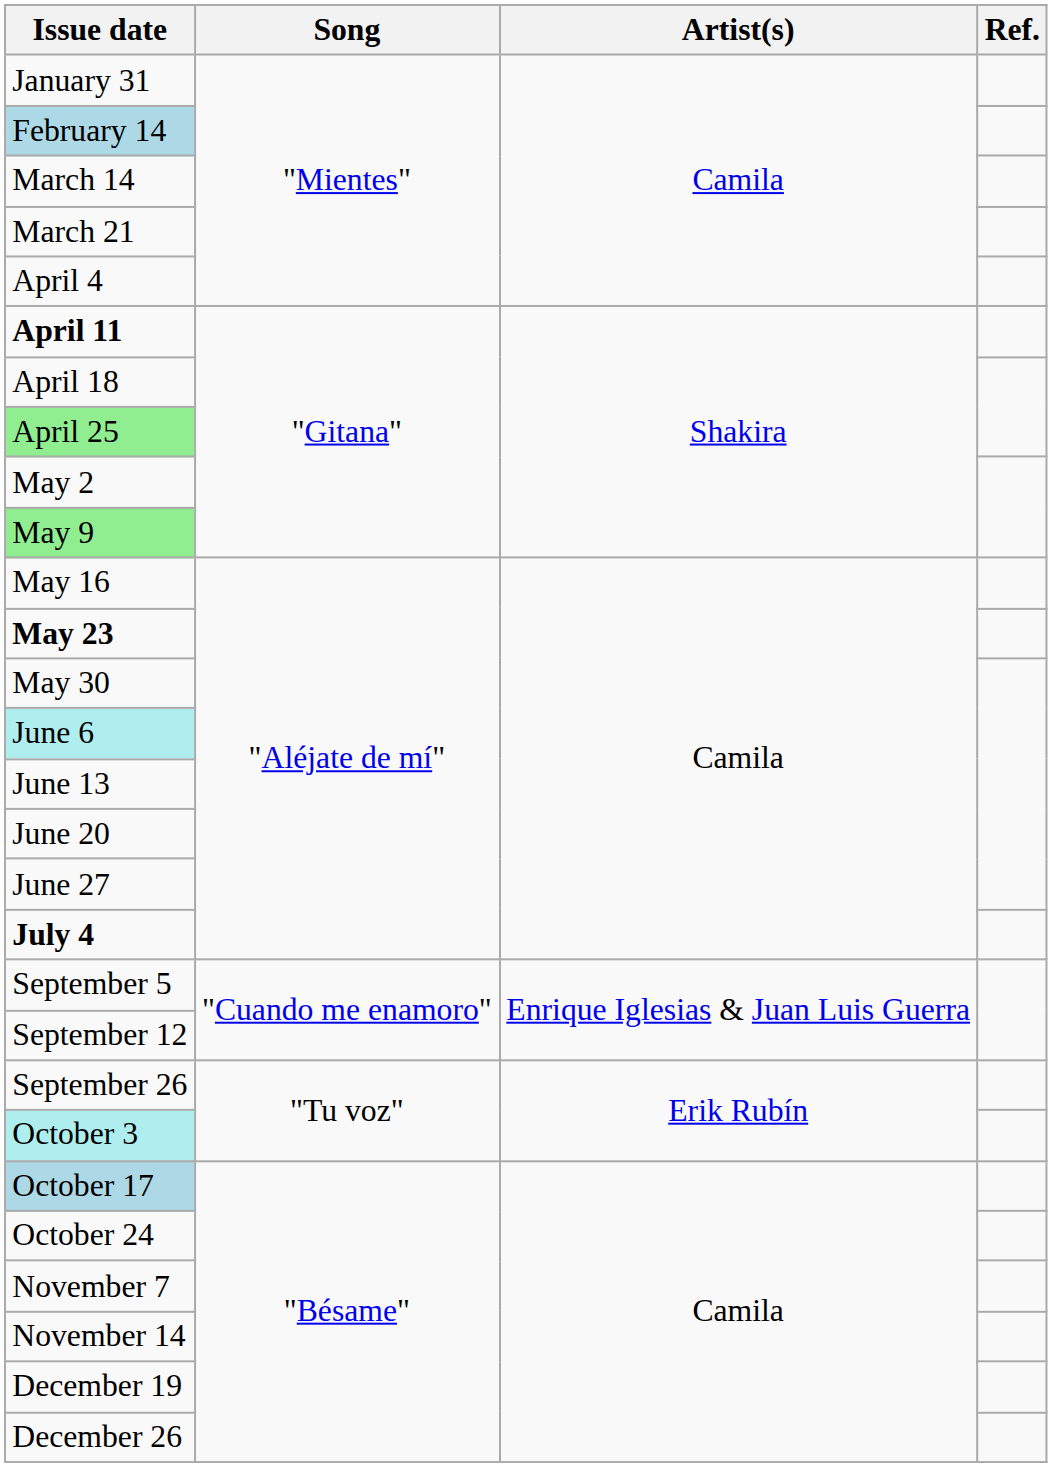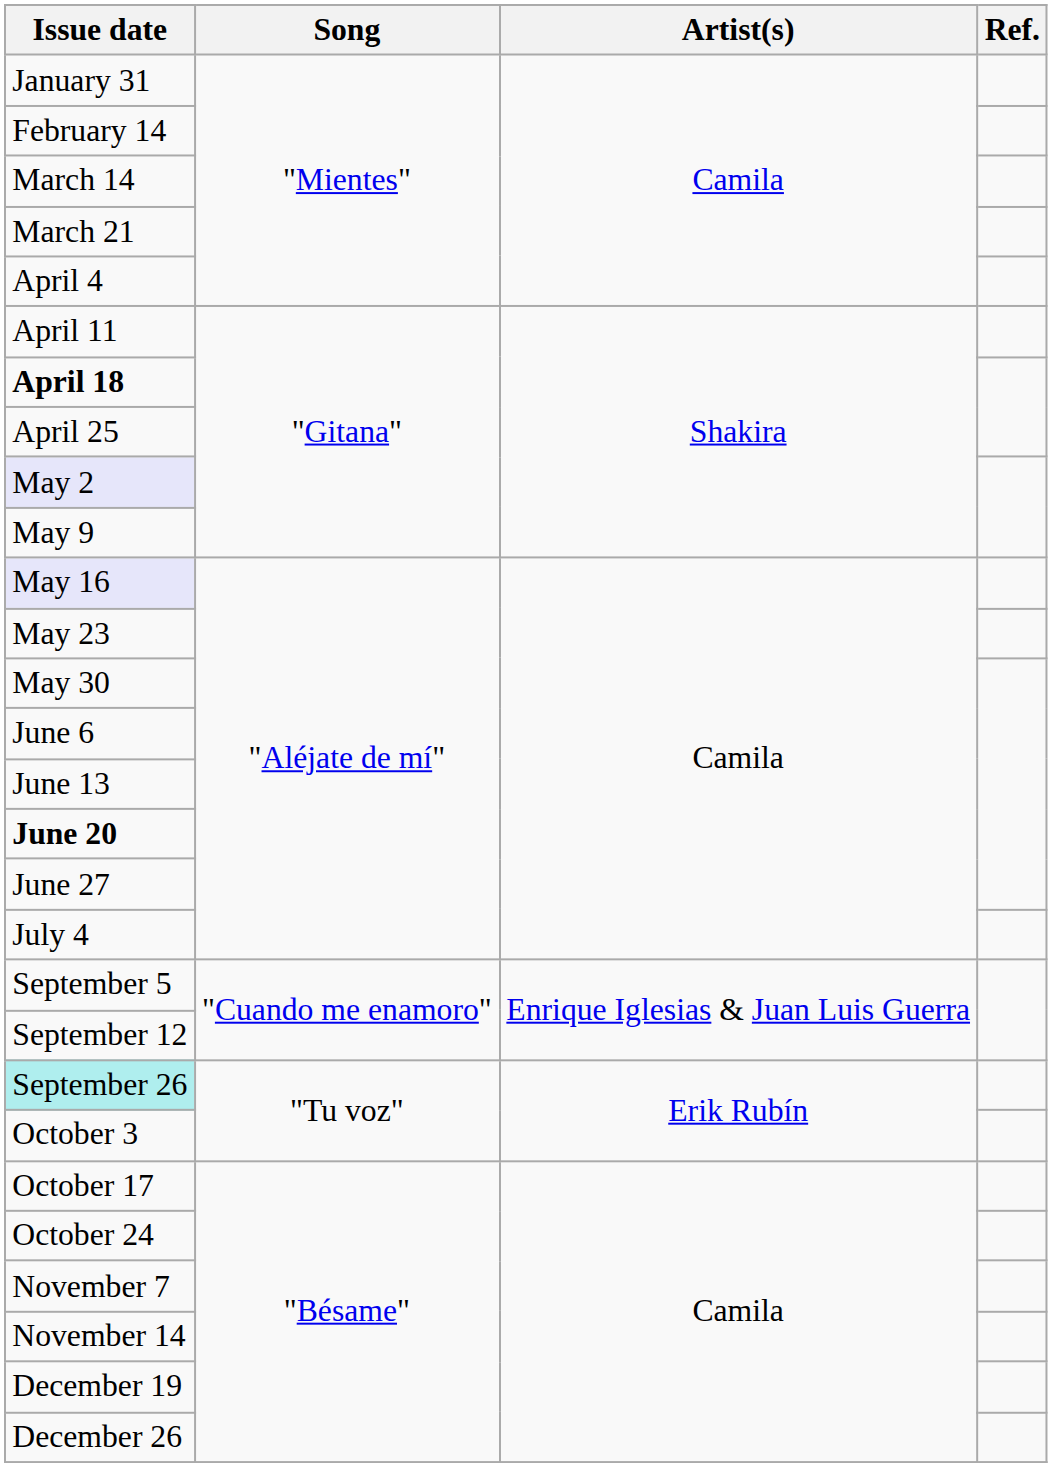 <table class="wikitable">
 <tr>
 <th>Issue date</th>
 <th>Song</th>
 <th>Artist(s)</th>
 <th>Ref.</th>
 </tr>
 <tr>
 <td>January 31</td>
 <td style="text-align: center;" rowspan="5">"<a href='#'>Mientes</a>"</td>
 <td style="text-align: center;" rowspan="5"><a href='#'>Camila</a></td>
 <td style="text-align: center;" rowspan="1"></td>
 </tr>
 <tr>
-<td style="background: lightblue;">February 14</td>
+<td>February 14</td>
 <td style="text-align: center;" rowspan="1"></td>
 </tr>
 <tr>
 <td>March 14</td>
 <td style="text-align: center;" rowspan="1"></td>
 </tr>
 <tr>
 <td>March 21</td>
 <td style="text-align: center;" rowspan="1"></td>
 </tr>
 <tr>
 <td>April 4</td>
 <td style="text-align: center;" rowspan="1"></td>
 </tr>
 <tr>
-<td><strong>April 11</strong></td>
+<td>April 11</td>
 <td style="text-align: center;" rowspan="5">"<a href='#'>Gitana</a>"</td>
 <td style="text-align: center;" rowspan="5"><a href='#'>Shakira</a></td>
 <td style="text-align: center;" rowspan="1"></td>
 </tr>
 <tr>
-<td>April 18</td>
+<td><strong>April 18</strong></td>
 <td style="text-align: center;" rowspan="2"></td>
 </tr>
 <tr>
-<td style="background: lightgreen;">April 25</td>
+<td>April 25</td>
 </tr>
 <tr>
-<td>May 2</td>
+<td style="background: lavender;">May 2</td>
 <td style="text-align: center;" rowspan="2"></td>
 </tr>
 <tr>
-<td style="background: lightgreen;">May 9</td>
+<td>May 9</td>
 </tr>
 <tr>
-<td>May 16</td>
+<td style="background: lavender;">May 16</td>
 <td style="text-align: center;" rowspan="8">"<a href='#'>Aléjate de mí</a>"</td>
 <td style="text-align: center;" rowspan="8">Camila</td>
 <td style="text-align: center;"></td>
 </tr>
 <tr>
-<td><strong>May 23</strong></td>
+<td>May 23</td>
 <td style="text-align: center;"></td>
 </tr>
 <tr>
 <td>May 30</td>
 <td style="text-align: center;" rowspan="5"></td>
 </tr>
 <tr>
-<td style="background: paleturquoise;">June 6</td>
+<td>June 6</td>
 </tr>
 <tr>
 <td>June 13</td>
 </tr>
 <tr>
-<td>June 20</td>
+<td><strong>June 20</strong></td>
 </tr>
 <tr>
 <td>June 27</td>
 </tr>
 <tr>
-<td><strong>July 4</strong></td>
+<td>July 4</td>
 <td style="text-align: center;"></td>
 </tr>
 <tr>
 <td>September 5</td>
 <td style="text-align: center;" rowspan="2">"<a href='#'>Cuando me enamoro</a>"</td>
 <td style="text-align: center;" rowspan="2"><a href='#'>Enrique Iglesias</a> & <a href='#'>Juan Luis Guerra</a></td>
 <td style="text-align: center;" rowspan="2"></td>
 </tr>
 <tr>
 <td>September 12</td>
 </tr>
 <tr>
-<td>September 26</td>
+<td style="background: paleturquoise;">September 26</td>
 <td style="text-align: center;" rowspan="2">"Tu voz"</td>
 <td style="text-align: center;" rowspan="2"><a href='#'>Erik Rubín</a></td>
 <td style="text-align: center;" rowspan="1"></td>
 </tr>
 <tr>
-<td style="background: paleturquoise;">October 3</td>
+<td>October 3</td>
 <td style="text-align: center;"></td>
 </tr>
 <tr>
-<td style="background: lightblue;">October 17</td>
+<td>October 17</td>
 <td style="text-align: center;" rowspan="6">"<a href='#'>Bésame</a>"</td>
 <td style="text-align: center;" rowspan="6">Camila</td>
 <td style="text-align: center;" rowspan="1"></td>
 </tr>
 <tr>
 <td>October 24</td>
 <td style="text-align: center;"></td>
 </tr>
 <tr>
 <td>November 7</td>
 <td style="text-align: center;" rowspan="1"></td>
 </tr>
 <tr>
 <td>November 14</td>
 <td style="text-align: center;"></td>
 </tr>
 <tr>
 <td>December 19</td>
 <td style="text-align: center;" rowspan="1"></td>
 </tr>
 <tr>
 <td>December 26</td>
 <td style="text-align: center;"></td>
 </tr>
 <tr>
 </tr>
 </table>
